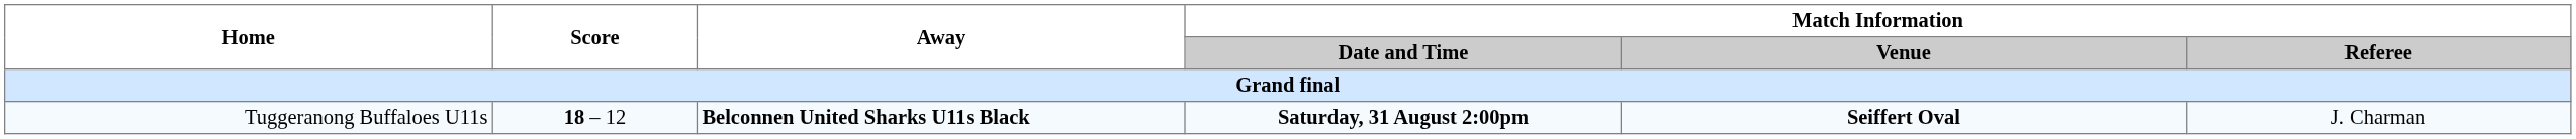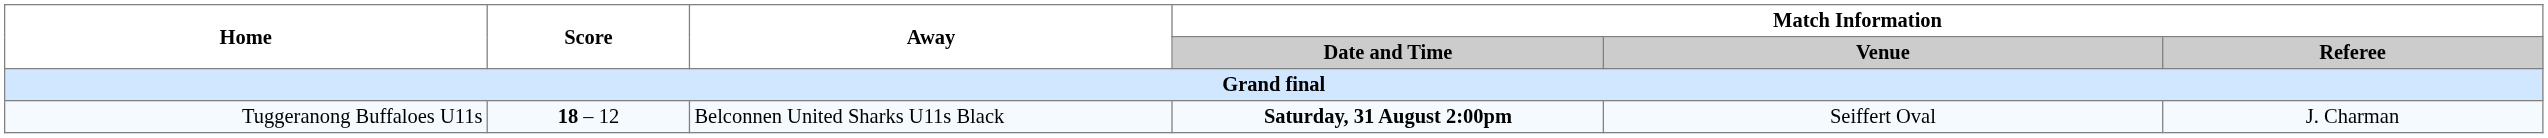 <table border="1" cellpadding="3" cellspacing="0" width="100%" style="border-collapse:collapse;  text-align:center;">
 <tr>
 <th rowspan="2" width="19%">Home</th>
 <th rowspan="2" width="8%">Score</th>
 <th rowspan="2" width="19%">Away</th>
 <th colspan="3">Match Information</th>
 </tr>
 <tr bgcolor="#CCCCCC">
 <th width="17%">Date and Time</th>
 <th width="22%">Venue</th>
 <th width="50%">Referee</th>
 </tr>
 <tr style="background:#d0e7ff;">
 <td colspan="6"><strong>Grand final</strong></td>
 </tr>
 <tr style="text-align:center; background:#f5faff;">
 <td align="right">Tuggeranong Buffaloes U11s </td>
 <td><strong>18</strong> – 12</td>
-<td align="left"><strong> Belconnen United Sharks U11s Black</strong></td>
+<td align="left"> Belconnen United Sharks U11s Black</td>
 <td><strong>Saturday, 31 August 2:00pm</strong></td>
-<td><strong>Seiffert Oval</strong></td>
+<td>Seiffert Oval</td>
 <td>J. Charman</td>
 </tr>
 </table>
